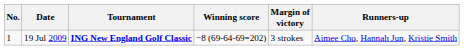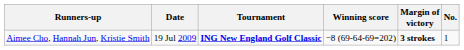 <table class="wikitable" style="font-size:95%;">
 <tr>
-<th>No.</th>
+<th>Runners-up</th>
 <th>Date</th>
 <th>Tournament</th>
 <th>Winning score</th>
 <th>Margin of<br>victory</th>
-<th>Runners-up</th>
+<th>No.</th>
 </tr>
 <tr>
-<td>1</td>
+<td> <a href='#'>Aimee Cho</a>,  <a href='#'>Hannah Jun</a>,  <a href='#'>Kristie Smith</a></td>
 <td>19 Jul <a href='#'>2009</a></td>
 <td><strong><a href='#'>ING New England Golf Classic</a></strong></td>
 <td>−8 (69-64-69=202)</td>
-<td>3 strokes</td>
-<td> <a href='#'>Aimee Cho</a>,  <a href='#'>Hannah Jun</a>,  <a href='#'>Kristie Smith</a></td>
+<td><strong>3 strokes</strong></td>
+<td>1</td>
 </tr>
 </table>
